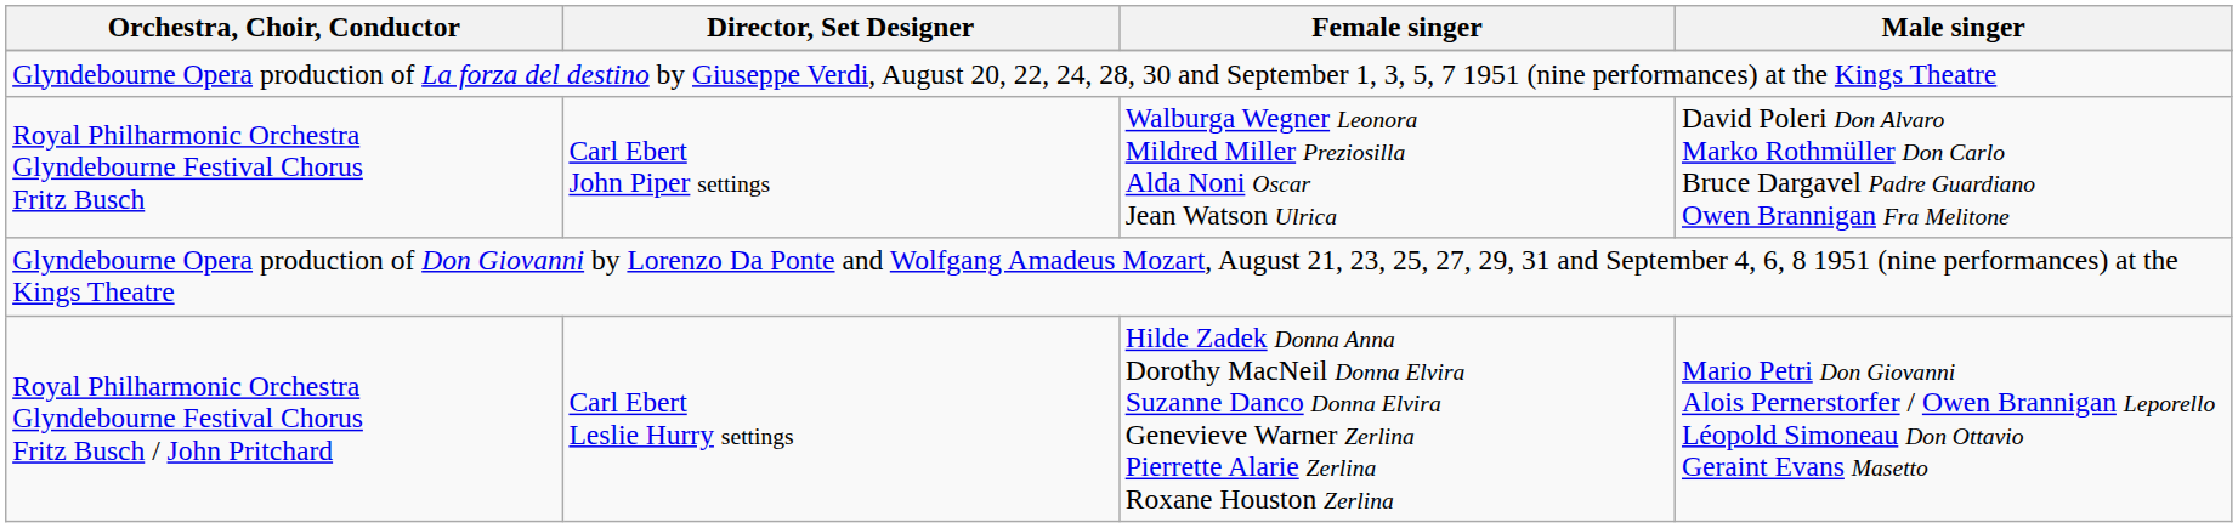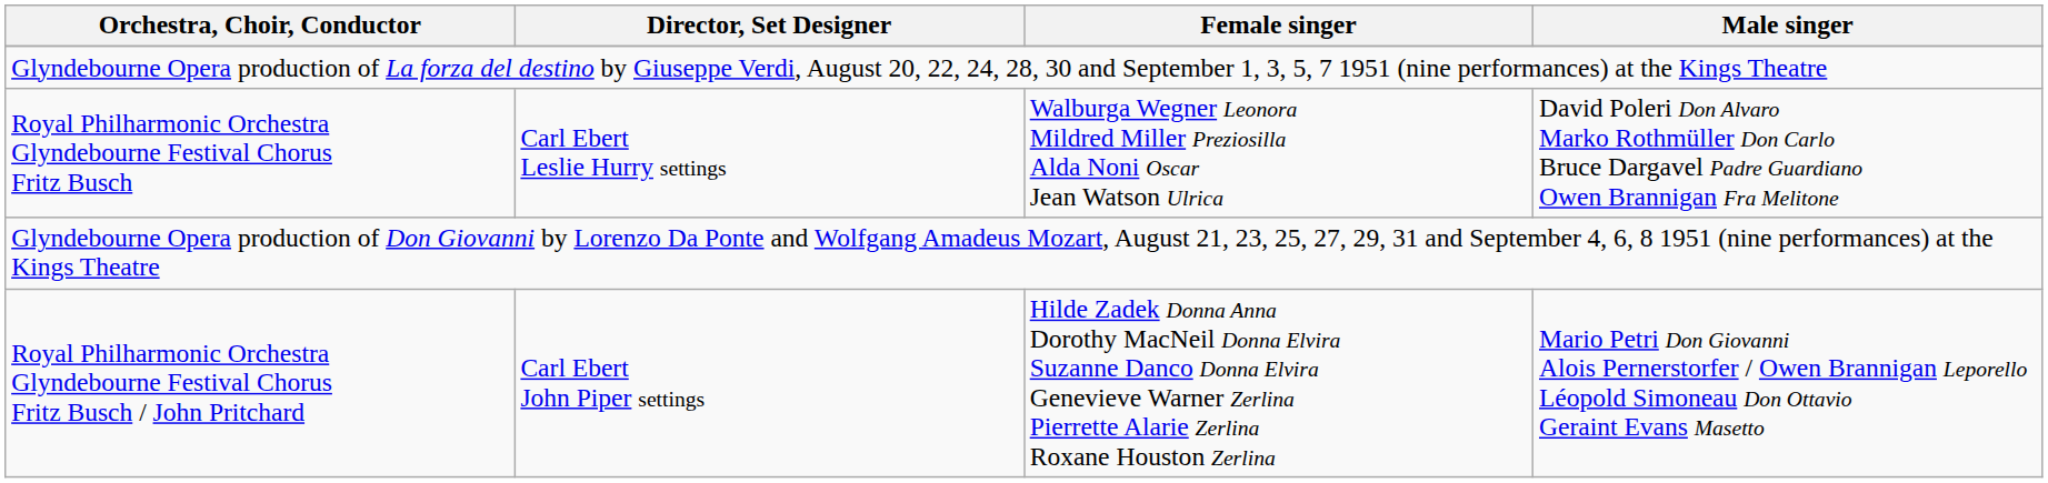 <table class="wikitable toptextcells">
 <tr class="hintergrundfarbe5">
 <th style="width:25%;">Orchestra, Choir, Conductor</th>
 <th style="width:25%;">Director, Set Designer</th>
 <th style="width:25%;">Female singer</th>
 <th style="width:25%;">Male singer</th>
 </tr>
 <tr>
 </tr>
 <tr class="hintergrundfarbe8">
 <td colspan="9"><a href='#'>Glyndebourne Opera</a> production of <em><a href='#'>La forza del destino</a></em> by <a href='#'>Giuseppe Verdi</a>, August 20, 22, 24, 28, 30  and September 1, 3, 5, 7  1951 (nine performances) at the <a href='#'>Kings Theatre</a></td>
 </tr>
 <tr>
 <td><a href='#'>Royal Philharmonic Orchestra</a><br><a href='#'>Glyndebourne Festival Chorus</a><br><a href='#'>Fritz Busch</a></td>
-<td><a href='#'>Carl Ebert</a><br><a href='#'>John Piper</a> <small>settings</small></td>
+<td><a href='#'>Carl Ebert</a><br><a href='#'>Leslie Hurry</a>  <small>settings</small></td>
 <td><a href='#'>Walburga Wegner</a> <small><em>Leonora</em></small><br><a href='#'>Mildred Miller</a> <small><em>Preziosilla</em></small><br><a href='#'>Alda Noni</a> <small><em>Oscar</em></small><br>Jean Watson <small><em>Ulrica</em></small></td>
 <td>David Poleri <small><em>Don Alvaro</em></small><br><a href='#'>Marko Rothmüller</a> <small><em>Don Carlo</em></small><br>Bruce Dargavel <small><em>Padre Guardiano</em></small><br><a href='#'>Owen Brannigan</a> <small><em>Fra Melitone</em></small></td>
 </tr>
 <tr class="hintergrundfarbe8">
 <td colspan="9"><a href='#'>Glyndebourne Opera</a> production of <em><a href='#'>Don Giovanni</a></em> by <a href='#'>Lorenzo Da Ponte</a> and <a href='#'>Wolfgang Amadeus Mozart</a>, August 21, 23, 25, 27, 29, 31 and September 4, 6, 8 1951 (nine performances) at the <a href='#'>Kings Theatre</a></td>
 </tr>
 <tr>
 <td><a href='#'>Royal Philharmonic Orchestra</a><br><a href='#'>Glyndebourne Festival Chorus</a><br><a href='#'>Fritz Busch</a> / <a href='#'>John Pritchard</a></td>
-<td><a href='#'>Carl Ebert</a><br><a href='#'>Leslie Hurry</a>  <small>settings</small></td>
+<td><a href='#'>Carl Ebert</a><br><a href='#'>John Piper</a> <small>settings</small></td>
 <td><a href='#'>Hilde Zadek</a> <small><em>Donna Anna</em></small><br>Dorothy MacNeil <small><em>Donna Elvira</em></small><br><a href='#'>Suzanne Danco</a> <small><em>Donna Elvira</em></small><br>Genevieve Warner <small><em>Zerlina</em></small><br><a href='#'>Pierrette Alarie</a> <small><em>Zerlina</em></small><br>Roxane Houston <small><em>Zerlina</em></small><br></td>
 <td><a href='#'>Mario Petri</a> <small><em>Don Giovanni</em></small><br><a href='#'>Alois Pernerstorfer</a> / <a href='#'>Owen Brannigan</a> <small><em>Leporello</em></small><br><a href='#'>Léopold Simoneau</a> <small><em>Don Ottavio</em></small><br><a href='#'>Geraint Evans</a> <small><em>Masetto</em></small></td>
 </tr>
 </table>
